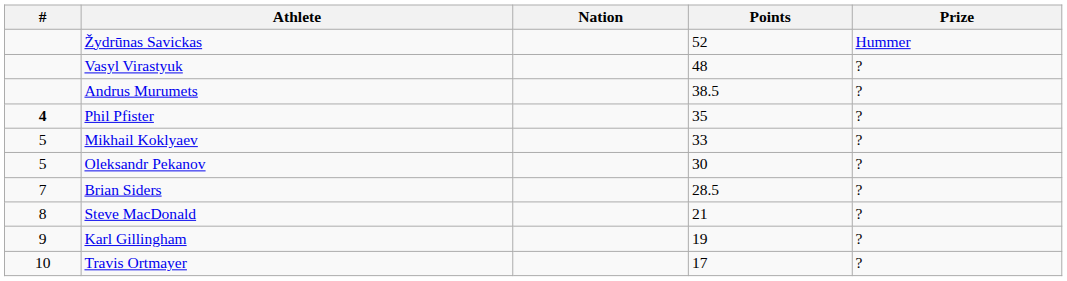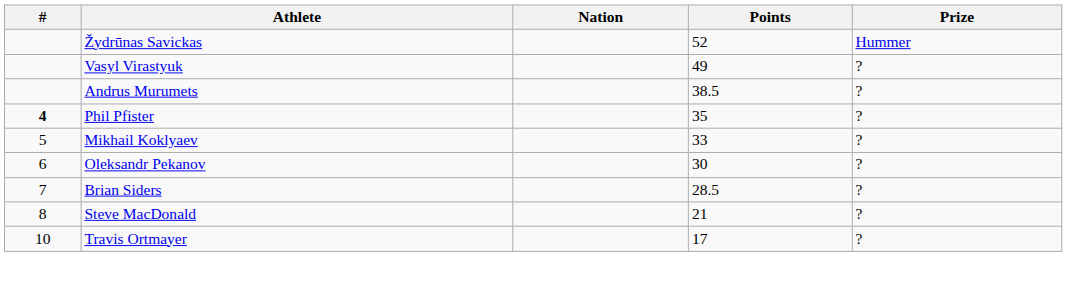 <table class="wikitable" style="display: inline-table;width: 55%;">
 <tr>
 <th scope="col">#</th>
 <th scope="col">Athlete</th>
 <th scope="col">Nation</th>
 <th scope="col">Points</th>
 <th scope="col">Prize</th>
 </tr>
 <tr>
 <td align="center"></td>
 <td><a href='#'>Žydrūnas Savickas</a></td>
 <td></td>
 <td>52</td>
 <td><a href='#'>Hummer</a></td>
 </tr>
 <tr>
 <td align="center"></td>
 <td><a href='#'>Vasyl Virastyuk</a></td>
 <td></td>
-<td>48</td>
+<td>49</td>
 <td>?</td>
 </tr>
 <tr>
 <td align="center"></td>
 <td><a href='#'>Andrus Murumets</a></td>
 <td></td>
 <td>38.5</td>
 <td>?</td>
 </tr>
 <tr>
 <td align="center"><strong>4</strong></td>
 <td><a href='#'>Phil Pfister</a></td>
 <td></td>
 <td>35</td>
 <td>?</td>
 </tr>
 <tr>
 <td align="center">5</td>
 <td><a href='#'>Mikhail Koklyaev</a></td>
 <td></td>
 <td>33</td>
 <td>?</td>
 </tr>
 <tr>
-<td align="center">5</td>
+<td align="center">6</td>
 <td><a href='#'>Oleksandr Pekanov</a></td>
 <td></td>
 <td>30</td>
 <td>?</td>
 </tr>
 <tr>
 <td align="center">7</td>
 <td><a href='#'>Brian Siders</a></td>
 <td></td>
 <td>28.5</td>
 <td>?</td>
 </tr>
 <tr>
 <td align="center">8</td>
 <td><a href='#'>Steve MacDonald</a></td>
 <td></td>
 <td>21</td>
 <td>?</td>
 </tr>
 <tr>
-<td align="center">9</td>
-<td><a href='#'>Karl Gillingham</a></td>
-<td></td>
-<td>19</td>
-<td>?</td>
-</tr>
-<tr>
 <td align="center">10</td>
 <td><a href='#'>Travis Ortmayer</a></td>
 <td></td>
 <td>17</td>
 <td>?</td>
 </tr>
 </table>
